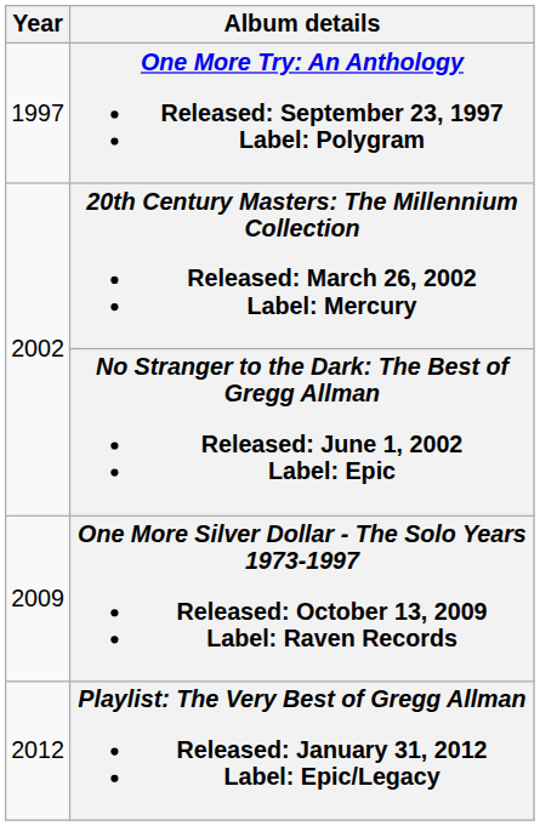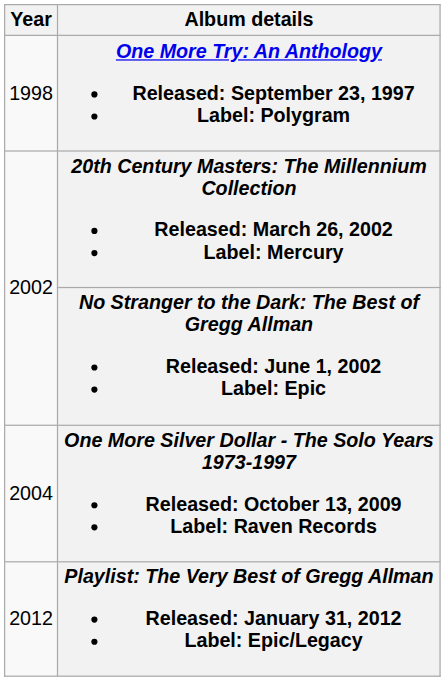 <table class="wikitable plainrowheaders" style="text-align:center;">
 <tr>
 <th scope="col">Year</th>
 <th scope="col" style="width:19em;">Album details</th>
 </tr>
 <tr>
-<td align="center">1997</td>
+<td align="center">1998</td>
 <th scope="row"><em><a href='#'>One More Try: An Anthology</a></em><br><ul><li>Released: September 23, 1997</li><li>Label: Polygram</li></ul></th>
 </tr>
 <tr>
 <td rowspan="2">2002</td>
 <th scope="row"><em>20th Century Masters: The Millennium Collection</em><br><ul><li>Released: March 26, 2002</li><li>Label: Mercury</li></ul></th>
 </tr>
 <tr>
 <th scope="row"><em>No Stranger to the Dark: The Best of Gregg Allman</em><br><ul><li>Released: June 1, 2002</li><li>Label: Epic</li></ul></th>
 </tr>
 <tr>
-<td align="center">2009</td>
+<td align="center">2004</td>
 <th scope="row"><em>One More Silver Dollar - The Solo Years 1973-1997</em><br><ul><li>Released: October 13, 2009</li><li>Label: Raven Records</li></ul></th>
 </tr>
 <tr>
 <td align="center">2012</td>
 <th scope="row"><em>Playlist: The Very Best of Gregg Allman</em><br><ul><li>Released: January 31, 2012</li><li>Label: Epic/Legacy</li></ul></th>
 </tr>
 </table>
